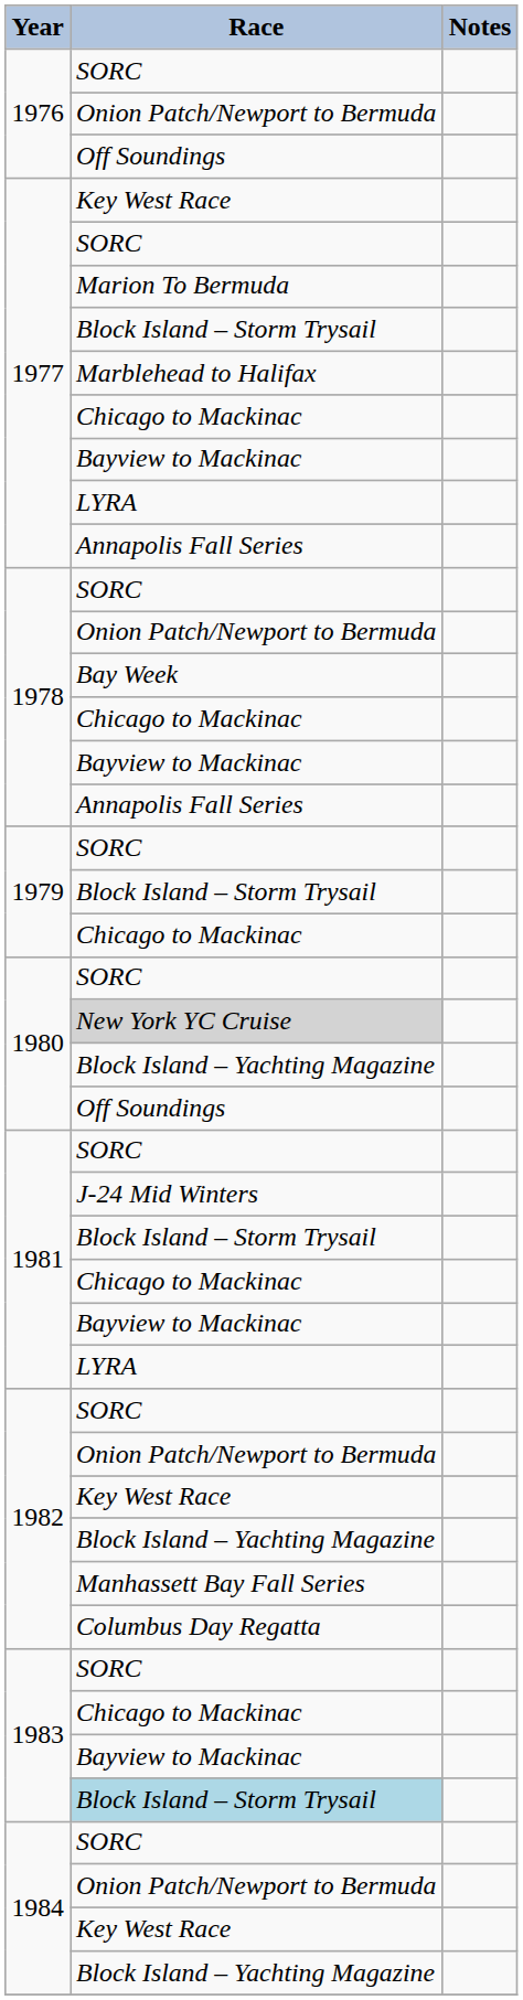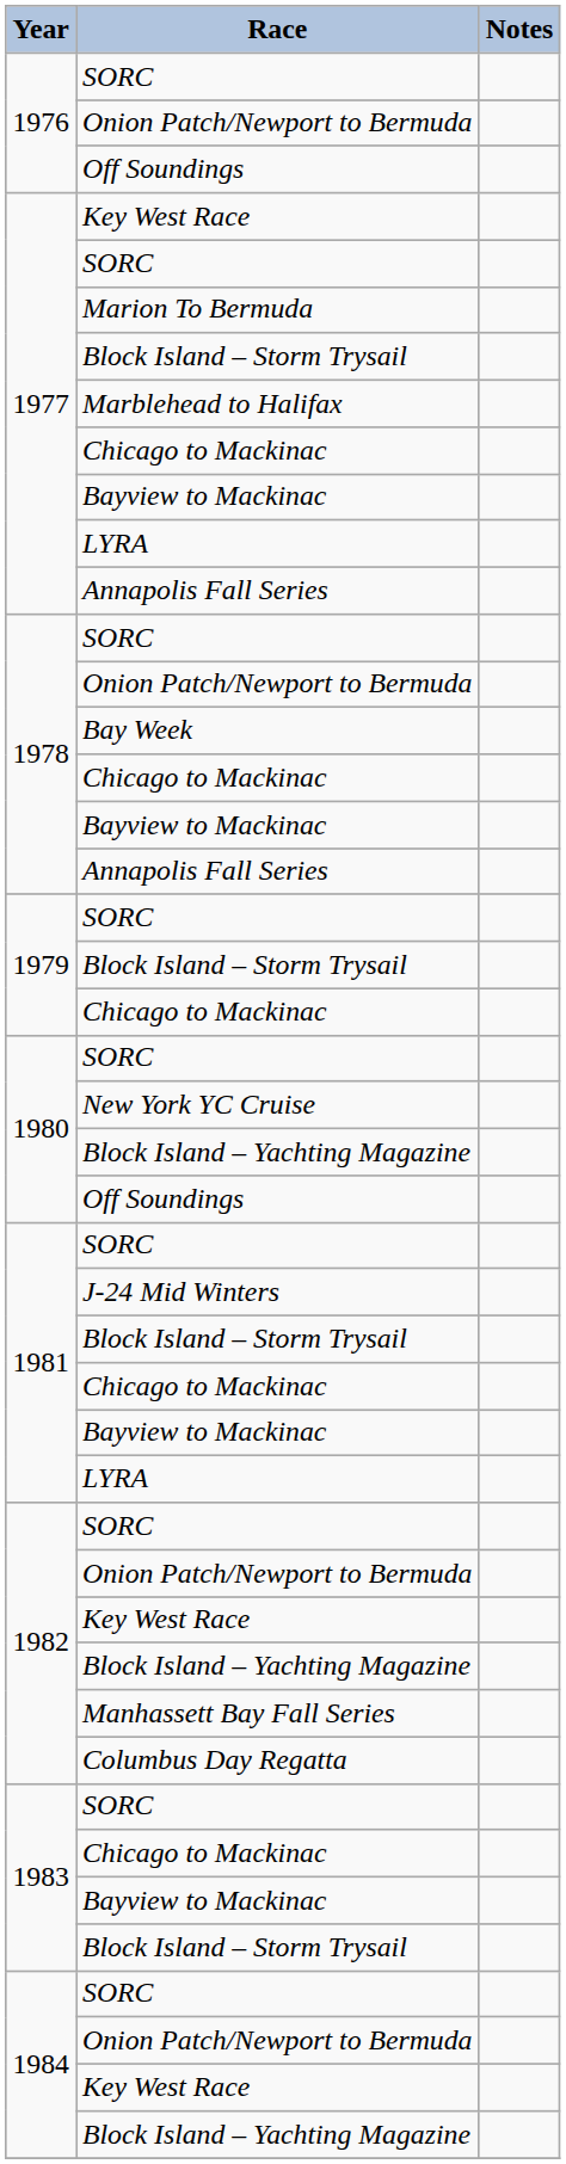 <table class="wikitable" style="font-size:90%;">
 <tr>
 <th style="background:#B0C4DE;">Year</th>
 <th style="background:#B0C4DE;">Race</th>
 <th style="background:#B0C4DE;">Notes</th>
 </tr>
 <tr>
 <td rowspan="3">1976</td>
 <td><em>SORC</em></td>
 <td></td>
 </tr>
 <tr>
 <td><em>Onion Patch/Newport to Bermuda</em></td>
 <td></td>
 </tr>
 <tr>
 <td><em>Off Soundings</em></td>
 <td></td>
 </tr>
 <tr>
 <td rowspan="9">1977</td>
 <td><em>Key West Race</em></td>
 <td></td>
 </tr>
 <tr>
 <td><em>SORC</em></td>
 <td></td>
 </tr>
 <tr>
 <td><em>Marion To Bermuda</em></td>
 <td></td>
 </tr>
 <tr>
 <td><em>Block Island – Storm Trysail</em></td>
 <td></td>
 </tr>
 <tr>
 <td><em>Marblehead to Halifax</em></td>
 <td></td>
 </tr>
 <tr>
 <td><em>Chicago to Mackinac</em></td>
 <td></td>
 </tr>
 <tr>
 <td><em>Bayview to Mackinac</em></td>
 <td></td>
 </tr>
 <tr>
 <td><em>LYRA</em></td>
 <td></td>
 </tr>
 <tr>
 <td><em>Annapolis Fall Series</em></td>
 <td></td>
 </tr>
 <tr>
 <td rowspan="6">1978</td>
 <td><em>SORC</em></td>
 <td></td>
 </tr>
 <tr>
 <td><em>Onion Patch/Newport to Bermuda</em></td>
 <td></td>
 </tr>
 <tr>
 <td><em>Bay Week</em></td>
 <td></td>
 </tr>
 <tr>
 <td><em>Chicago to Mackinac</em></td>
 <td></td>
 </tr>
 <tr>
 <td><em>Bayview to Mackinac</em></td>
 <td></td>
 </tr>
 <tr>
 <td><em>Annapolis Fall Series</em></td>
 <td></td>
 </tr>
 <tr>
 <td rowspan="3">1979</td>
 <td><em>SORC</em></td>
 <td></td>
 </tr>
 <tr>
 <td><em>Block Island – Storm Trysail</em></td>
 <td></td>
 </tr>
 <tr>
 <td><em>Chicago to Mackinac</em></td>
 <td></td>
 </tr>
 <tr>
 <td rowspan="4">1980</td>
 <td><em>SORC</em></td>
 <td></td>
 </tr>
 <tr>
-<td style="background: lightgrey;"><em>New York YC Cruise</em></td>
+<td><em>New York YC Cruise</em></td>
 <td></td>
 </tr>
 <tr>
 <td><em>Block Island – Yachting Magazine</em></td>
 <td></td>
 </tr>
 <tr>
 <td><em>Off Soundings</em></td>
 <td></td>
 </tr>
 <tr>
 <td rowspan="6">1981</td>
 <td><em>SORC</em></td>
 <td></td>
 </tr>
 <tr>
 <td><em>J-24 Mid Winters</em></td>
 <td></td>
 </tr>
 <tr>
 <td><em>Block Island – Storm Trysail</em></td>
 <td></td>
 </tr>
 <tr>
 <td><em>Chicago to Mackinac</em></td>
 <td></td>
 </tr>
 <tr>
 <td><em>Bayview to Mackinac</em></td>
 <td></td>
 </tr>
 <tr>
 <td><em>LYRA</em></td>
 <td></td>
 </tr>
 <tr>
 <td rowspan="6">1982</td>
 <td><em>SORC</em></td>
 <td></td>
 </tr>
 <tr>
 <td><em>Onion Patch/Newport to Bermuda</em></td>
 <td></td>
 </tr>
 <tr>
 <td><em>Key West Race</em></td>
 <td></td>
 </tr>
 <tr>
 <td><em>Block Island – Yachting Magazine</em></td>
 <td></td>
 </tr>
 <tr>
 <td><em>Manhassett Bay Fall Series</em></td>
 <td></td>
 </tr>
 <tr>
 <td><em>Columbus Day Regatta</em></td>
 <td></td>
 </tr>
 <tr>
 <td rowspan="4">1983</td>
 <td><em>SORC</em></td>
 <td></td>
 </tr>
 <tr>
 <td><em>Chicago to Mackinac</em></td>
 <td></td>
 </tr>
 <tr>
 <td><em>Bayview to Mackinac</em></td>
 <td></td>
 </tr>
 <tr>
-<td style="background: lightblue;"><em>Block Island – Storm Trysail</em></td>
+<td><em>Block Island – Storm Trysail</em></td>
 <td></td>
 </tr>
 <tr>
 <td rowspan="4">1984</td>
 <td><em>SORC</em></td>
 <td></td>
 </tr>
 <tr>
 <td><em>Onion Patch/Newport to Bermuda</em></td>
 <td></td>
 </tr>
 <tr>
 <td><em>Key West Race</em></td>
 <td></td>
 </tr>
 <tr>
 <td><em>Block Island – Yachting Magazine</em></td>
 <td></td>
 </tr>
 <tr>
 </tr>
 </table>
